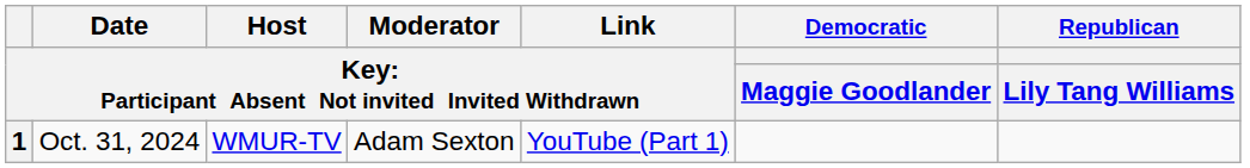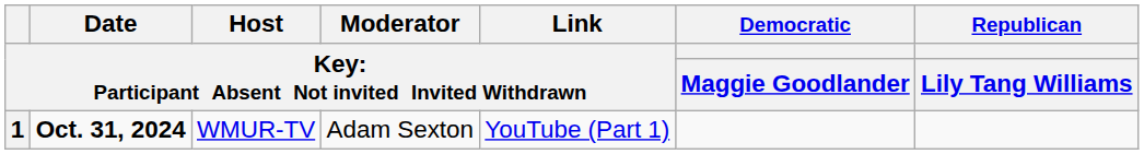 <table class="wikitable" style="text-align:center;">
 <tr>
 <th scope="col"></th>
 <th scope="col">Date</th>
 <th scope="col">Host</th>
 <th scope="col">Moderator</th>
 <th scope="col">Link</th>
 <th scope="col"><small><a href='#'>Democratic</a></small></th>
 <th scope="col"><small><a href='#'>Republican</a></small></th>
 </tr>
 <tr>
 <th colspan="5" rowspan="2">Key:<br> <small>Participant </small>  <small>Absent </small>  <small>Not invited </small>  <small>Invited  Withdrawn</small></th>
 <th scope="col" style="background:"></th>
 <th scope="col" style="background:"></th>
 </tr>
 <tr>
 <th scope="col"><a href='#'>Maggie Goodlander</a></th>
 <th scope="col"><a href='#'>Lily Tang Williams</a></th>
 </tr>
 <tr>
 <th>1</th>
-<td style="white-space:nowrap;">Oct. 31, 2024</td>
+<td style="white-space:nowrap;"><strong>Oct. 31, 2024</strong></td>
 <td style="white-space:nowrap;"><a href='#'>WMUR-TV</a></td>
 <td style="white-space:nowrap;">Adam Sexton</td>
 <td style="white-space:nowrap;"><a href='#'>YouTube (Part 1)</a><br></td>
 <td></td>
 <td></td>
 </tr>
 </table>
